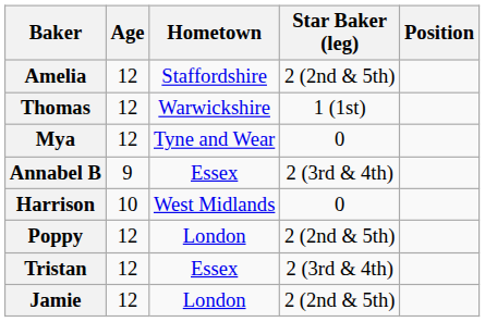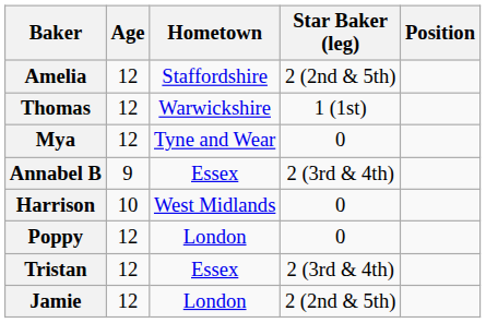 <table class="wikitable sortable" style="display:inline-table; text-align:center">
 <tr>
 <th scope="col">Baker</th>
 <th scope="col">Age</th>
 <th scope="col">Hometown</th>
 <th scope="col">Star Baker<br>(leg)</th>
 <th scope="col">Position</th>
 </tr>
 <tr>
 <th scope="row">Amelia</th>
 <td>12</td>
 <td><a href='#'>Staffordshire</a></td>
 <td>2 (2nd & 5th)</td>
 <td></td>
 </tr>
 <tr>
 <th scope="row">Thomas</th>
 <td>12</td>
 <td><a href='#'>Warwickshire</a></td>
 <td>1 (1st)</td>
 <td></td>
 </tr>
 <tr>
 <th scope="row">Mya</th>
 <td>12</td>
 <td><a href='#'>Tyne and Wear</a></td>
 <td>0</td>
 <td></td>
 </tr>
 <tr>
 <th scope="row">Annabel B</th>
 <td>9</td>
 <td><a href='#'>Essex</a></td>
 <td>2 (3rd & 4th)</td>
 <td></td>
 </tr>
 <tr>
 <th scope="row">Harrison</th>
 <td>10</td>
 <td><a href='#'>West Midlands</a></td>
 <td>0</td>
 <td></td>
 </tr>
 <tr>
 <th scope="row">Poppy</th>
 <td>12</td>
 <td><a href='#'>London</a></td>
-<td>2 (2nd & 5th)</td>
+<td>0</td>
 <td></td>
 </tr>
 <tr>
 <th scope="row">Tristan</th>
 <td>12</td>
 <td><a href='#'>Essex</a></td>
 <td>2 (3rd & 4th)</td>
 <td></td>
 </tr>
 <tr>
 <th scope="row">Jamie</th>
 <td>12</td>
 <td><a href='#'>London</a></td>
 <td>2 (2nd & 5th)</td>
 <td></td>
 </tr>
 </table>
